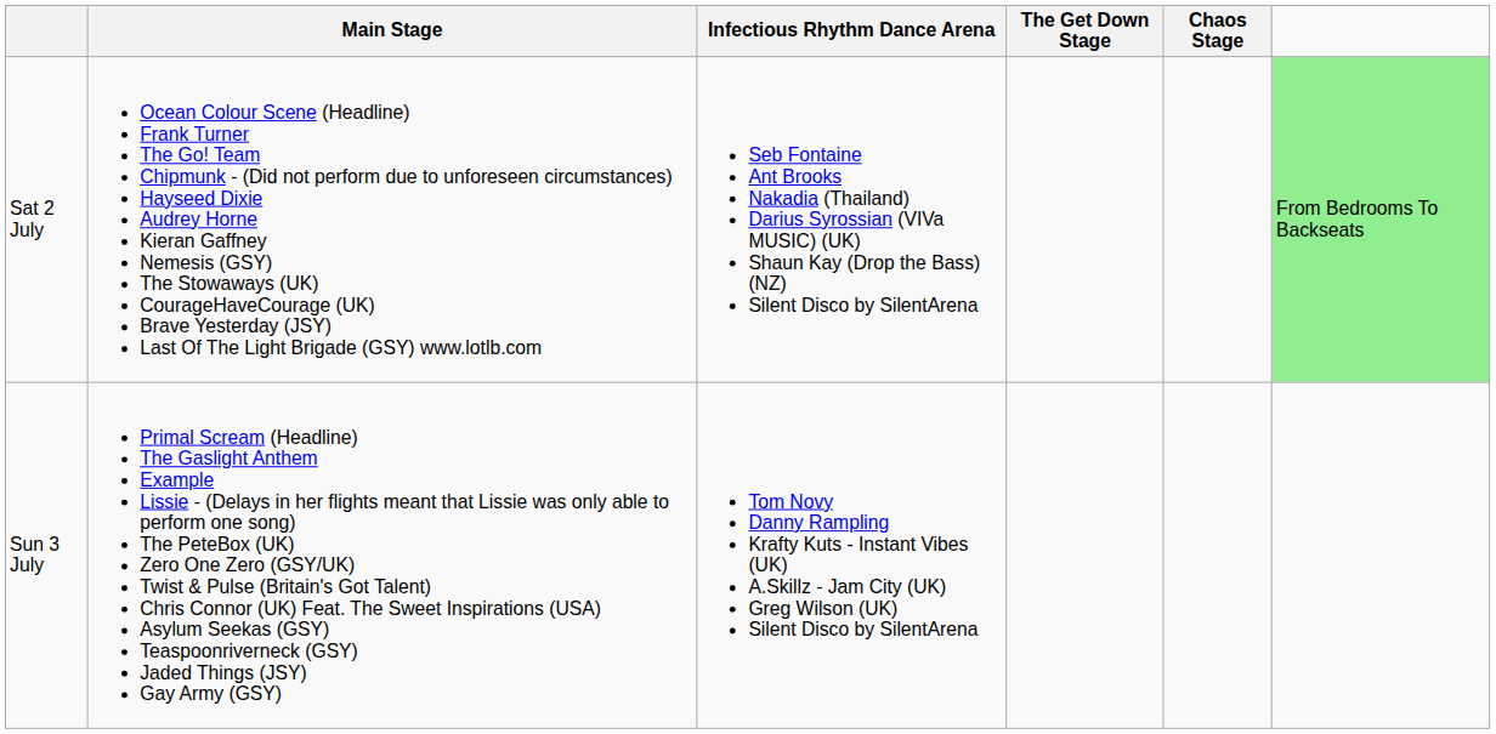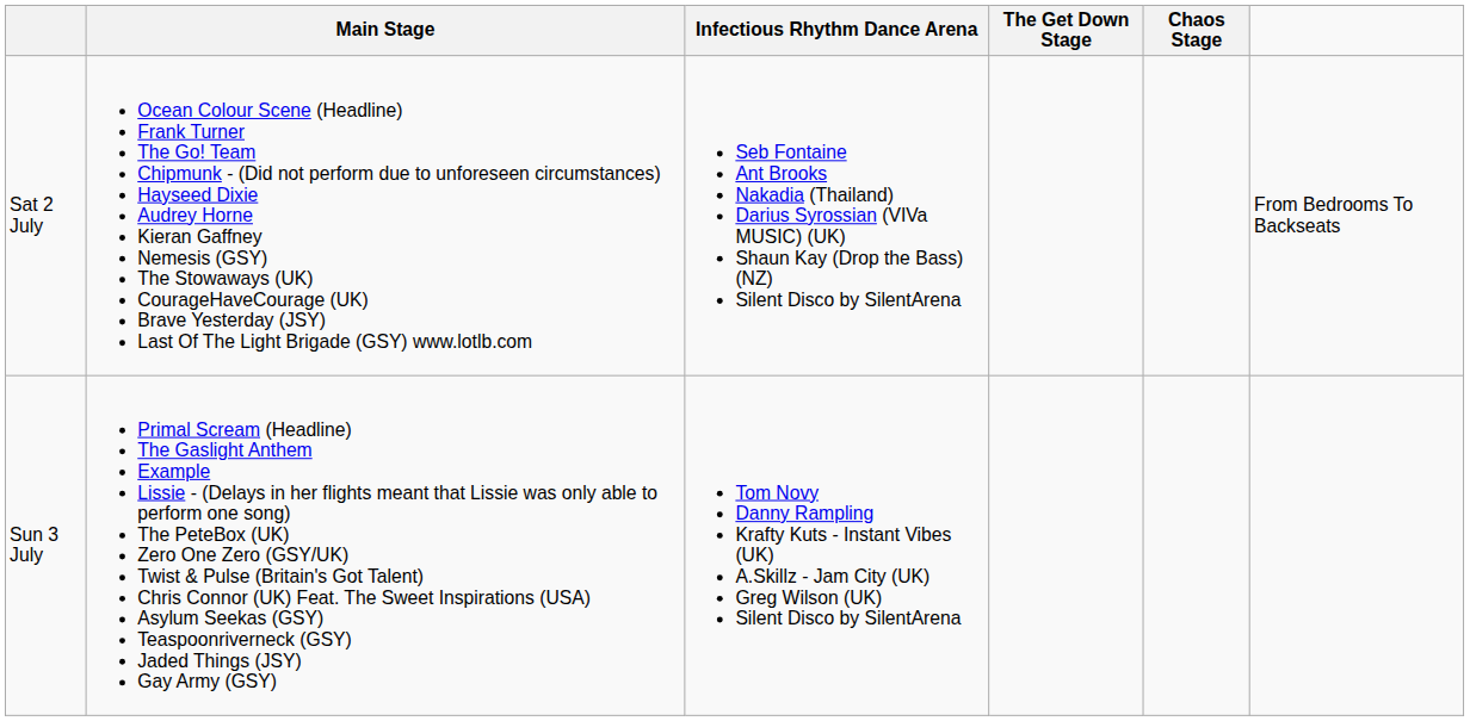 <table class="wikitable">
 <tr>
 <th></th>
 <th>Main Stage</th>
 <th>Infectious Rhythm Dance Arena</th>
 <th>The Get Down Stage</th>
 <th>Chaos Stage</th>
 </tr>
 <tr>
 <td>Sat 2 July</td>
 <td><br><ul><li><a href='#'>Ocean Colour Scene</a> (Headline)</li><li><a href='#'>Frank Turner</a></li><li><a href='#'>The Go! Team</a></li><li><a href='#'>Chipmunk</a> - (Did not perform due to unforeseen circumstances)</li><li><a href='#'>Hayseed Dixie</a></li><li><a href='#'>Audrey Horne</a></li><li>Kieran Gaffney</li><li>Nemesis (GSY)</li><li>The Stowaways (UK)</li><li>CourageHaveCourage (UK)</li><li>Brave Yesterday (JSY)</li><li>Last Of The Light Brigade (GSY) www.lotlb.com</li></ul></td>
 <td><br><ul><li><a href='#'>Seb Fontaine</a></li><li><a href='#'>Ant Brooks</a></li><li><a href='#'>Nakadia</a> (Thailand)</li><li><a href='#'>Darius Syrossian</a> (VIVa MUSIC) (UK)</li><li>Shaun Kay (Drop the Bass) (NZ)</li><li>Silent Disco by SilentArena</li></ul></td>
 <td></td>
 <td></td>
-<td style="background: lightgreen;">From Bedrooms To Backseats</td>
+<td>From Bedrooms To Backseats</td>
 </tr>
 <tr>
 <td>Sun 3 July</td>
 <td><br><ul><li><a href='#'>Primal Scream</a> (Headline)</li><li><a href='#'>The Gaslight Anthem</a></li><li><a href='#'>Example</a></li><li><a href='#'>Lissie</a> - (Delays in her flights meant that Lissie was only able to perform one song)</li><li>The PeteBox (UK)</li><li>Zero One Zero (GSY/UK)</li><li>Twist & Pulse (Britain's Got Talent)</li><li>Chris Connor (UK) Feat. The Sweet Inspirations (USA)</li><li>Asylum Seekas (GSY)</li><li>Teaspoonriverneck (GSY)</li><li>Jaded Things (JSY)</li><li>Gay Army (GSY)</li></ul></td>
 <td><br><ul><li><a href='#'>Tom Novy</a></li><li><a href='#'>Danny Rampling</a></li><li>Krafty Kuts - Instant Vibes (UK)</li><li>A.Skillz - Jam City (UK)</li><li>Greg Wilson (UK)</li><li>Silent Disco by SilentArena</li></ul></td>
 <td></td>
 <td></td>
 <td></td>
 </tr>
 </table>
